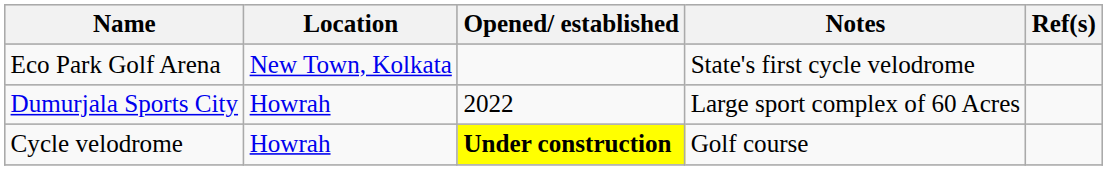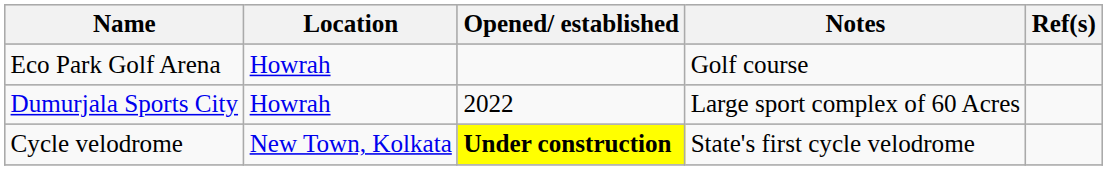 <table class="wikitable">
 <tr>
 <th>Name</th>
 <th>Location</th>
 <th>Opened/ established</th>
 <th>Notes</th>
 <th>Ref(s)</th>
 </tr>
 <tr>
 <td>Eco Park Golf Arena</td>
-<td><a href='#'>New Town, Kolkata</a></td>
+<td><a href='#'>Howrah</a></td>
 <td></td>
-<td>State's first cycle velodrome</td>
+<td>Golf course</td>
 <td></td>
 </tr>
 <tr>
 <td><a href='#'>Dumurjala Sports City</a></td>
 <td><a href='#'>Howrah</a></td>
 <td>2022</td>
 <td>Large sport complex of 60 Acres</td>
 <td></td>
 </tr>
 <tr>
 <td>Cycle velodrome</td>
-<td><a href='#'>Howrah</a></td>
+<td><a href='#'>New Town, Kolkata</a></td>
 <td style="background:yellow"><strong>Under construction</strong></td>
-<td>Golf course</td>
+<td>State's first cycle velodrome</td>
 <td></td>
 </tr>
 </table>
